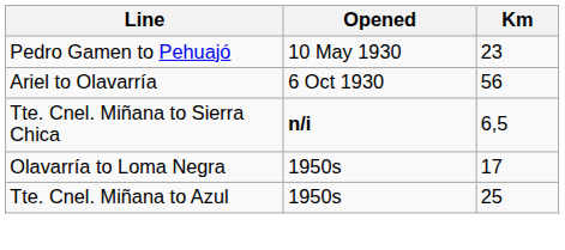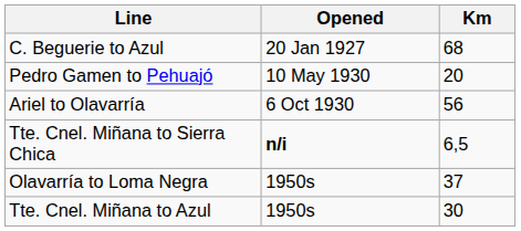 <table class="wikitable">
 <tr>
 <th style="width:220px">Line</th>
 <th style="width:150px">Opened</th>
 <th style="width:60px">Km</th>
 </tr>
 <tr>
+<td>C. Beguerie to Azul</td>
+<td>20 Jan 1927</td>
+<td>68</td>
+</tr>
+<tr>
 <td>Pedro Gamen to <a href='#'>Pehuajó</a></td>
 <td>10 May 1930</td>
-<td>23</td>
+<td>20</td>
 </tr>
 <tr>
 <td>Ariel to Olavarría</td>
 <td>6 Oct 1930</td>
 <td>56</td>
 </tr>
 <tr>
 <td>Tte. Cnel. Miñana to Sierra Chica</td>
 <td><strong>n/i</strong></td>
 <td>6,5</td>
 </tr>
 <tr>
 <td>Olavarría to Loma Negra</td>
 <td>1950s</td>
-<td>17</td>
+<td>37</td>
 </tr>
 <tr>
 <td>Tte. Cnel. Miñana to Azul</td>
 <td>1950s</td>
-<td>25</td>
+<td>30</td>
 </tr>
 </table>
